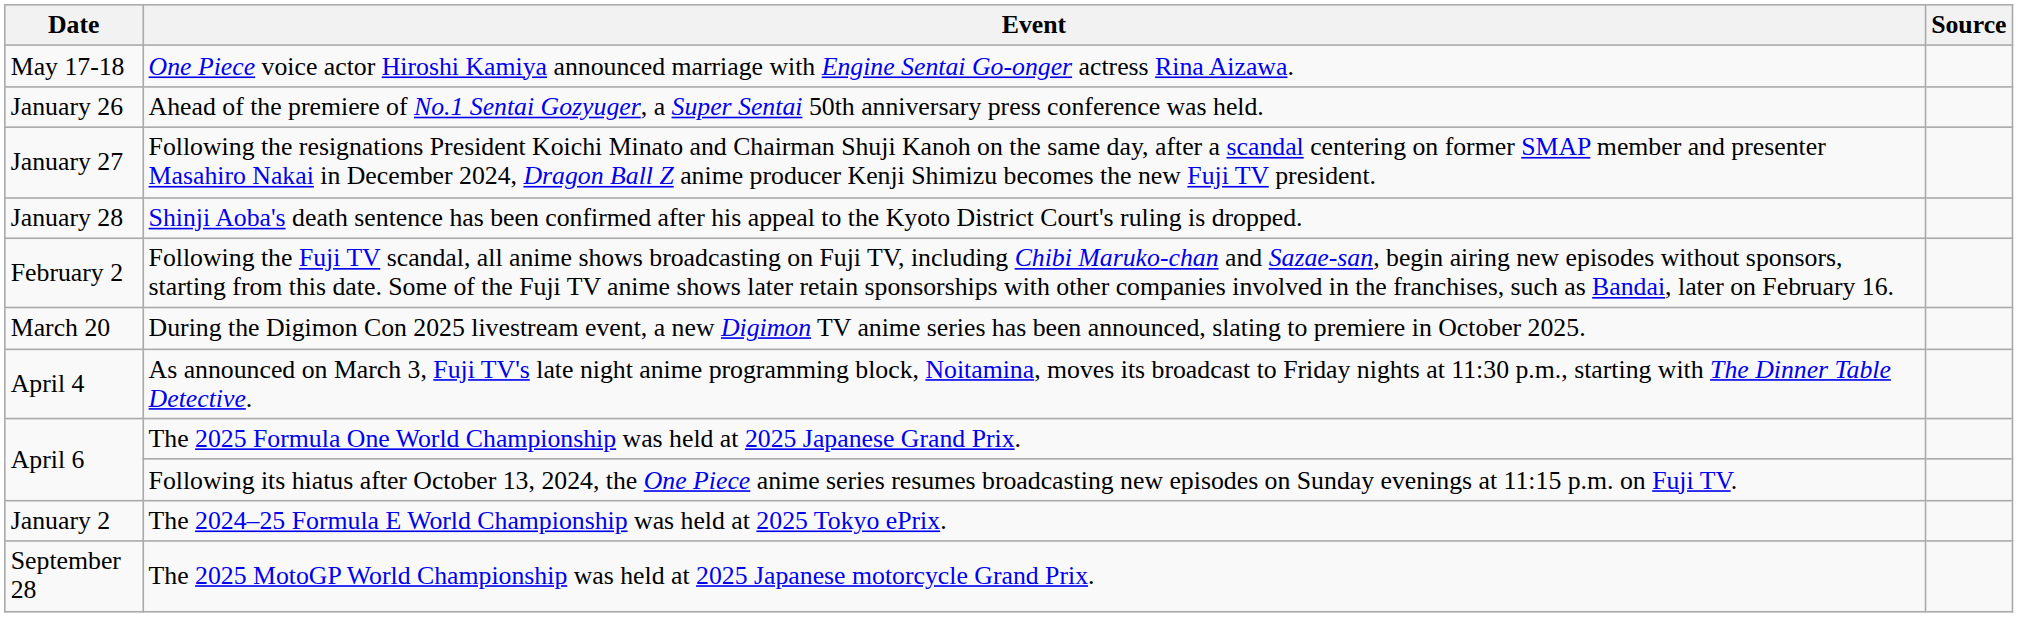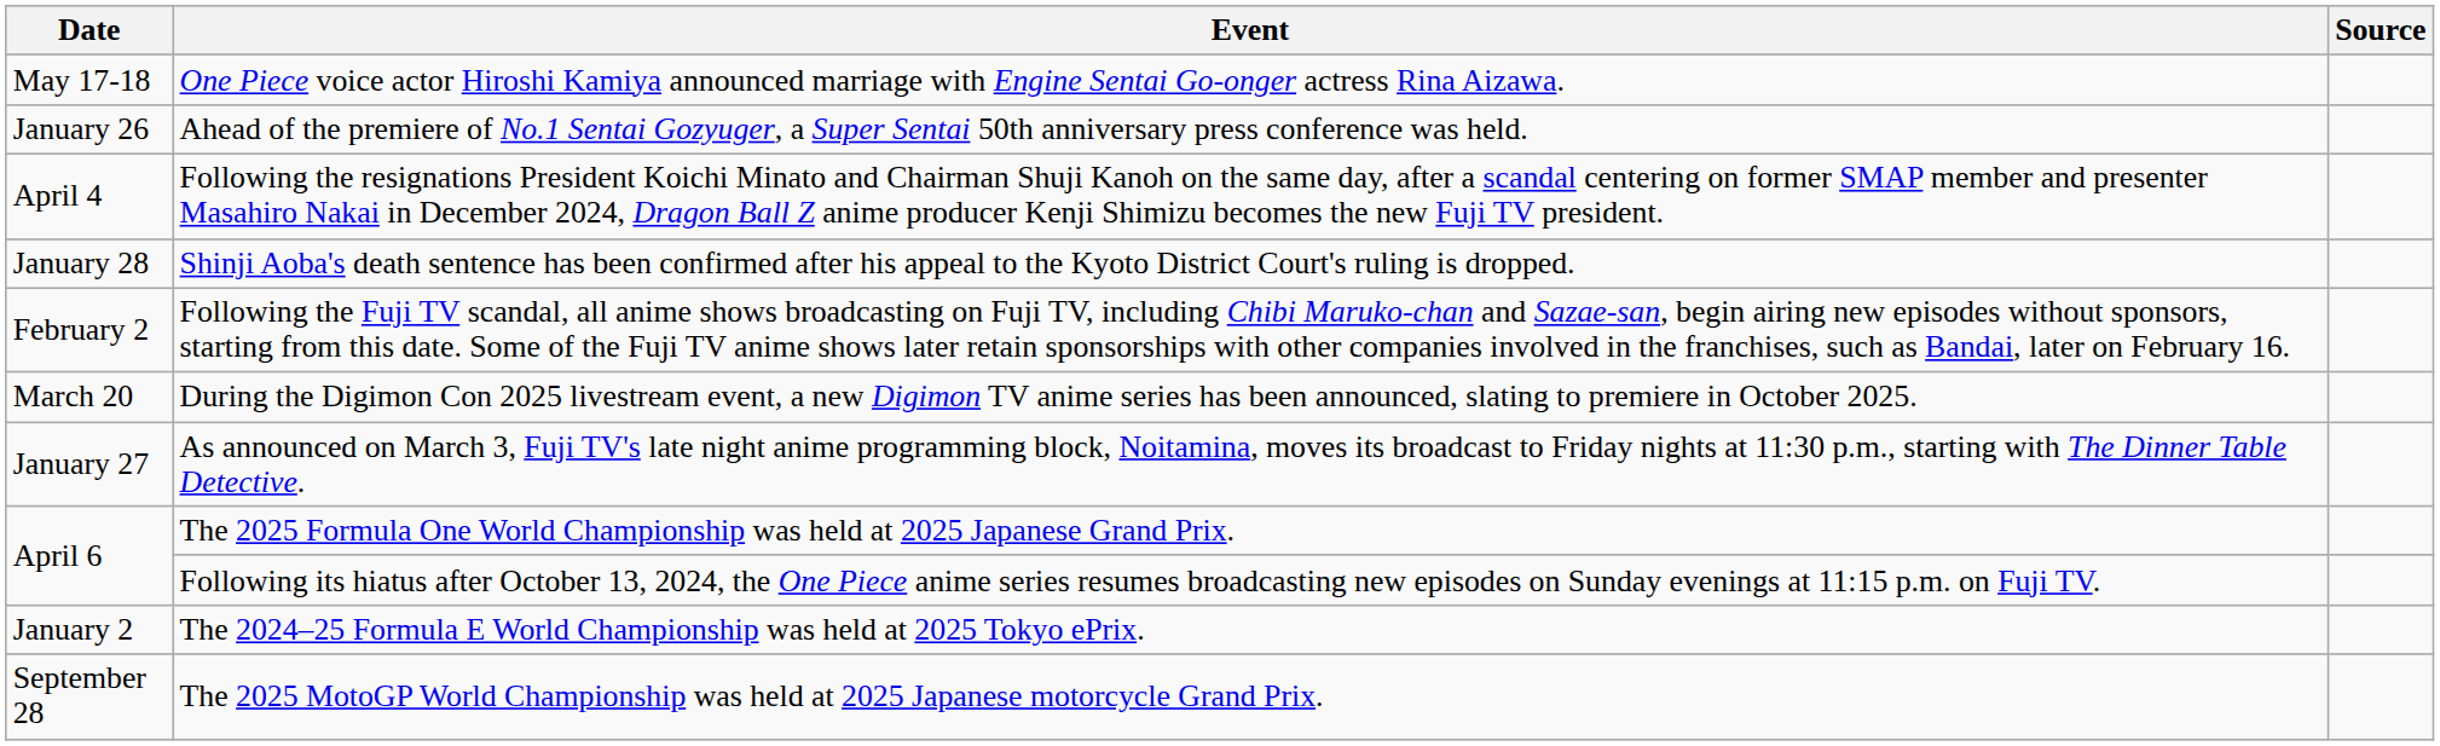 <table class="wikitable">
 <tr>
 <th>Date</th>
 <th>Event</th>
 <th>Source</th>
 </tr>
 <tr>
 <td>May 17-18</td>
 <td><em><a href='#'>One Piece</a></em> voice actor <a href='#'>Hiroshi Kamiya</a> announced marriage with <em><a href='#'>Engine Sentai Go-onger</a></em> actress <a href='#'>Rina Aizawa</a>.</td>
 <td></td>
 </tr>
 <tr>
 <td>January 26</td>
 <td>Ahead of the premiere of <em><a href='#'>No.1 Sentai Gozyuger</a></em>, a <em><a href='#'>Super Sentai</a></em> 50th anniversary press conference was held.</td>
 <td></td>
 </tr>
 <tr>
-<td>January 27</td>
+<td>April 4</td>
 <td>Following the resignations President Koichi Minato and Chairman Shuji Kanoh on the same day, after a <a href='#'>scandal</a> centering on former <a href='#'>SMAP</a> member and presenter <a href='#'>Masahiro Nakai</a> in December 2024, <em><a href='#'>Dragon Ball Z</a></em> anime producer Kenji Shimizu becomes the new <a href='#'>Fuji TV</a> president.</td>
 <td></td>
 </tr>
 <tr>
 <td>January 28</td>
 <td><a href='#'>Shinji Aoba's</a> death sentence has been confirmed after his appeal to the Kyoto District Court's ruling is dropped.</td>
 <td></td>
 </tr>
 <tr>
 <td>February 2</td>
 <td>Following the <a href='#'>Fuji TV</a> scandal, all anime shows broadcasting on Fuji TV, including <em><a href='#'>Chibi Maruko-chan</a></em> and <em><a href='#'>Sazae-san</a></em>, begin airing new episodes without sponsors, starting from this date. Some of the Fuji TV anime shows later retain sponsorships with other companies involved in the franchises, such as <a href='#'>Bandai</a>, later on February 16.</td>
 <td></td>
 </tr>
 <tr>
 <td>March 20</td>
 <td>During the Digimon Con 2025 livestream event, a new <em><a href='#'>Digimon</a></em> TV anime series has been announced, slating to premiere in October 2025.</td>
 <td></td>
 </tr>
 <tr>
-<td>April 4</td>
+<td>January 27</td>
 <td>As announced on March 3, <a href='#'>Fuji TV's</a> late night anime programming block, <a href='#'>Noitamina</a>, moves its broadcast to Friday nights at 11:30 p.m., starting with <em><a href='#'>The Dinner Table Detective</a></em>.</td>
 <td></td>
 </tr>
 <tr>
 <td rowspan="2">April 6</td>
 <td>The <a href='#'>2025 Formula One World Championship</a> was held at <a href='#'>2025 Japanese Grand Prix</a>.</td>
 <td></td>
 </tr>
 <tr>
 <td>Following its hiatus after October 13, 2024, the <em><a href='#'>One Piece</a></em> anime series resumes broadcasting new episodes on Sunday evenings at 11:15 p.m. on <a href='#'>Fuji TV</a>.</td>
 <td></td>
 </tr>
 <tr>
 <td>January 2</td>
 <td>The <a href='#'>2024–25 Formula E World Championship</a> was held at <a href='#'>2025 Tokyo ePrix</a>.</td>
 <td></td>
 </tr>
 <tr>
 <td>September 28</td>
 <td>The <a href='#'>2025 MotoGP World Championship</a> was held at <a href='#'>2025 Japanese motorcycle Grand Prix</a>.</td>
 <td></td>
 </tr>
 </table>
